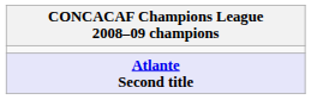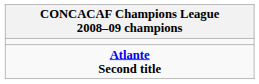 <table class="wikitable" style="text-align: center; margin: 0 auto; width: 20%">
 <tr>
 <th>CONCACAF Champions League<br>2008–09 champions</th>
 </tr>
 <tr>
 <td></td>
 </tr>
 <tr>
-<td style="background: lavender;"><strong><a href='#'>Atlante</a></strong><br><strong>Second title</strong></td>
+<td><strong><a href='#'>Atlante</a></strong><br><strong>Second title</strong></td>
 </tr>
 </table>
